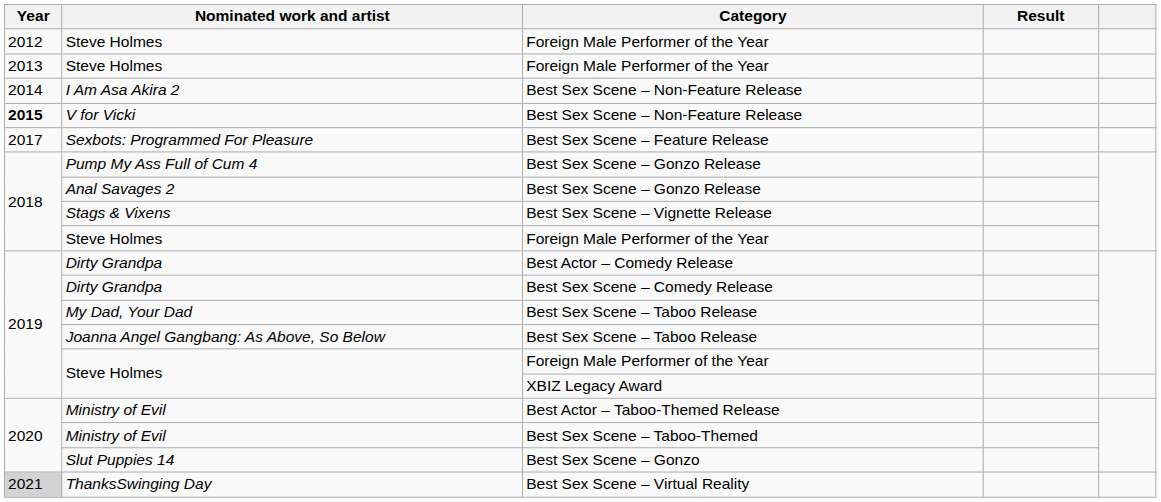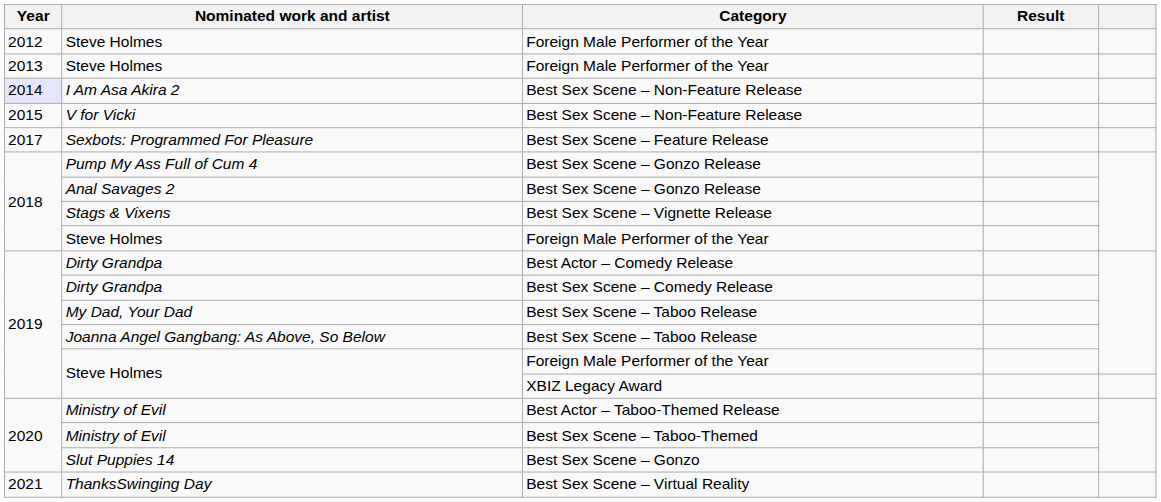 <table class="wikitable" style="width:75%;">
 <tr>
 <th width=5%>Year</th>
 <th style="width:40%;">Nominated work and artist</th>
 <th style="width:40%;">Category</th>
 <th style="width:10%;">Result</th>
 <th width=5%></th>
 </tr>
 <tr>
 <td>2012</td>
 <td>Steve Holmes</td>
 <td>Foreign Male Performer of the Year</td>
 <td></td>
 <td style="text-align:center;"></td>
 </tr>
 <tr>
 <td>2013</td>
 <td>Steve Holmes</td>
 <td>Foreign Male Performer of the Year</td>
 <td></td>
 <td style="text-align:center;"></td>
 </tr>
 <tr>
-<td>2014</td>
+<td style="background: lavender;">2014</td>
 <td><em>I Am Asa Akira 2</em></td>
 <td>Best Sex Scene – Non-Feature Release</td>
 <td></td>
 <td style="text-align:center;"></td>
 </tr>
 <tr>
-<td><strong>2015</strong></td>
+<td>2015</td>
 <td><em>V for Vicki</em></td>
 <td>Best Sex Scene – Non-Feature Release</td>
 <td></td>
 <td style="text-align:center;"></td>
 </tr>
 <tr>
 <td>2017</td>
 <td><em>Sexbots: Programmed For Pleasure</em></td>
 <td>Best Sex Scene – Feature Release</td>
 <td></td>
 <td style="text-align:center;"></td>
 </tr>
 <tr>
 <td rowspan="4">2018</td>
 <td><em>Pump My Ass Full of Cum 4</em></td>
 <td>Best Sex Scene – Gonzo Release</td>
 <td></td>
 <td rowspan="4" style="text-align:center;"></td>
 </tr>
 <tr>
 <td><em>Anal Savages 2</em></td>
 <td>Best Sex Scene – Gonzo Release</td>
 <td></td>
 </tr>
 <tr>
 <td><em>Stags & Vixens</em></td>
 <td>Best Sex Scene – Vignette Release</td>
 <td></td>
 </tr>
 <tr>
 <td>Steve Holmes</td>
 <td>Foreign Male Performer of the Year</td>
 <td></td>
 </tr>
 <tr>
 <td rowspan="6">2019</td>
 <td><em>Dirty Grandpa</em></td>
 <td>Best Actor – Comedy Release</td>
 <td></td>
 <td rowspan="5" style="text-align:center;"></td>
 </tr>
 <tr>
 <td><em>Dirty Grandpa</em></td>
 <td>Best Sex Scene – Comedy Release</td>
 <td></td>
 </tr>
 <tr>
 <td><em>My Dad, Your Dad</em></td>
 <td>Best Sex Scene – Taboo Release</td>
 <td></td>
 </tr>
 <tr>
 <td><em>Joanna Angel Gangbang: As Above, So Below</em></td>
 <td>Best Sex Scene – Taboo Release</td>
 <td></td>
 </tr>
 <tr>
 <td rowspan="2">Steve Holmes</td>
 <td>Foreign Male Performer of the Year</td>
 <td></td>
 </tr>
 <tr>
 <td>XBIZ Legacy Award</td>
 <td></td>
 <td style="text-align:center;"></td>
 </tr>
 <tr>
 <td rowspan="3">2020</td>
 <td><em>Ministry of Evil</em></td>
 <td>Best Actor – Taboo-Themed Release</td>
 <td></td>
 <td rowspan="3" style="text-align:center;"></td>
 </tr>
 <tr>
 <td><em>Ministry of Evil</em></td>
 <td>Best Sex Scene – Taboo-Themed</td>
 <td></td>
 </tr>
 <tr>
 <td><em>Slut Puppies 14</em></td>
 <td>Best Sex Scene – Gonzo</td>
 <td></td>
 </tr>
 <tr>
-<td style="background: lightgrey;">2021</td>
+<td>2021</td>
 <td><em>ThanksSwinging Day</em></td>
 <td>Best Sex Scene – Virtual Reality</td>
 <td></td>
 <td style="text-align:center;"></td>
 </tr>
 </table>
